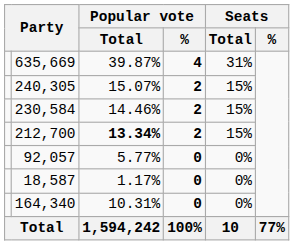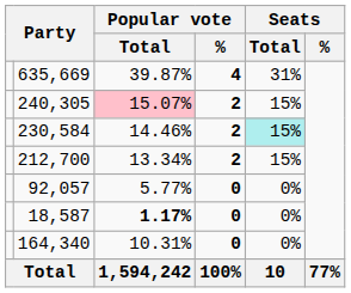 <table class=wikitable style="text-align:right;">
 <tr>
 <th rowspan=2 colspan=2>Party</th>
 <th colspan=2>Popular vote</th>
 <th colspan=2>Seats</th>
 </tr>
 <tr>
 <th>Total</th>
 <th>%</th>
 <th>Total</th>
 <th>%</th>
 </tr>
 <tr>
 <td></td>
 <td>635,669</td>
 <td>39.87%</td>
 <td><strong>4</strong></td>
 <td>31%</td>
 </tr>
 <tr>
 <td></td>
 <td>240,305</td>
-<td>15.07%</td>
+<td style="background: pink;">15.07%</td>
 <td><strong>2</strong></td>
 <td>15%</td>
 </tr>
 <tr>
 <td></td>
 <td>230,584</td>
 <td>14.46%</td>
 <td><strong>2</strong></td>
-<td>15%</td>
+<td style="background: paleturquoise;">15%</td>
 </tr>
 <tr>
 <td></td>
 <td>212,700</td>
-<td><strong>13.34%</strong></td>
+<td>13.34%</td>
 <td><strong>2</strong></td>
 <td>15%</td>
 </tr>
 <tr>
 <td></td>
 <td>92,057</td>
 <td>5.77%</td>
 <td><strong>0</strong></td>
 <td>0%</td>
 </tr>
 <tr>
 <td></td>
 <td>18,587</td>
-<td>1.17%</td>
+<td><strong>1.17%</strong></td>
 <td><strong>0</strong></td>
 <td>0%</td>
 </tr>
 <tr>
 <td></td>
 <td>164,340</td>
 <td>10.31%</td>
 <td><strong>0</strong></td>
 <td>0%</td>
 </tr>
 <tr>
 <th colspan=2>Total</th>
 <th>1,594,242</th>
 <th>100%</th>
 <th>10</th>
 <th>77%</th>
 </tr>
 </table>
